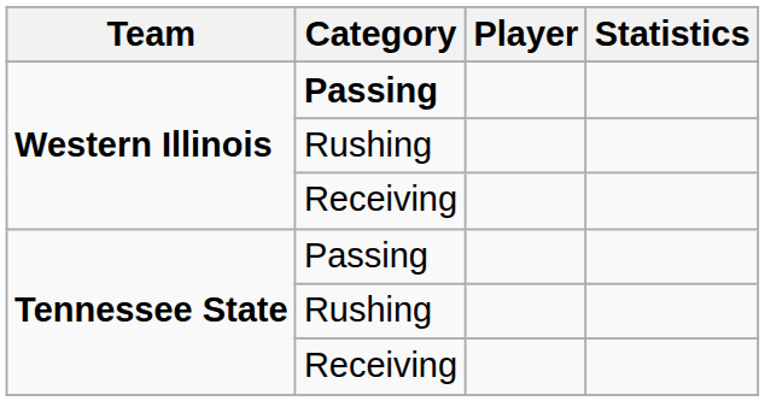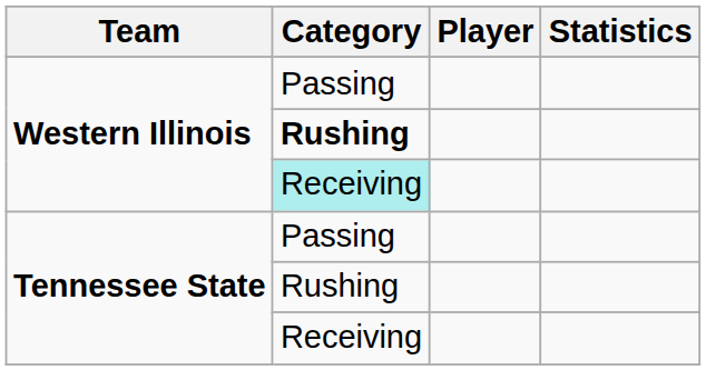 <table class="wikitable" style="float: right;">
 <tr>
 <th>Team</th>
 <th>Category</th>
 <th>Player</th>
 <th>Statistics</th>
 </tr>
 <tr>
 <td rowspan=3><strong>Western Illinois</strong></td>
-<td><strong>Passing</strong></td>
+<td>Passing</td>
 <td></td>
 <td></td>
 </tr>
 <tr>
-<td>Rushing</td>
+<td><strong>Rushing</strong></td>
 <td></td>
 <td></td>
 </tr>
 <tr>
-<td>Receiving</td>
+<td style="background: paleturquoise;">Receiving</td>
 <td></td>
 <td></td>
 </tr>
 <tr>
 <td rowspan=3><strong>Tennessee State</strong></td>
 <td>Passing</td>
 <td></td>
 <td></td>
 </tr>
 <tr>
 <td>Rushing</td>
 <td></td>
 <td></td>
 </tr>
 <tr>
 <td>Receiving</td>
 <td></td>
 <td></td>
 </tr>
 </table>
